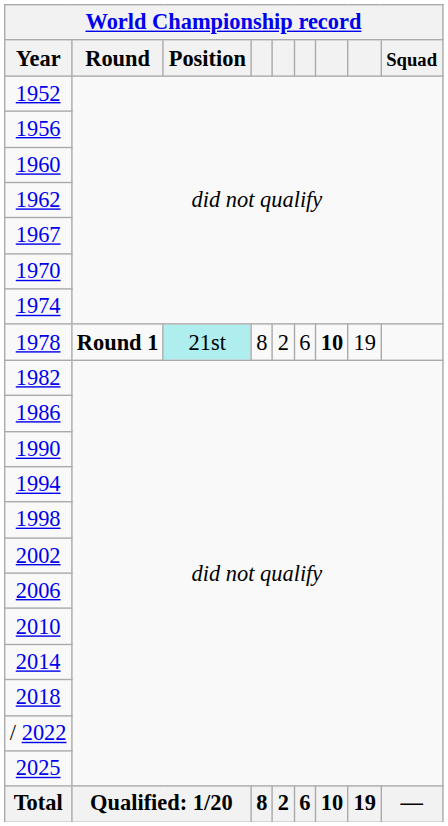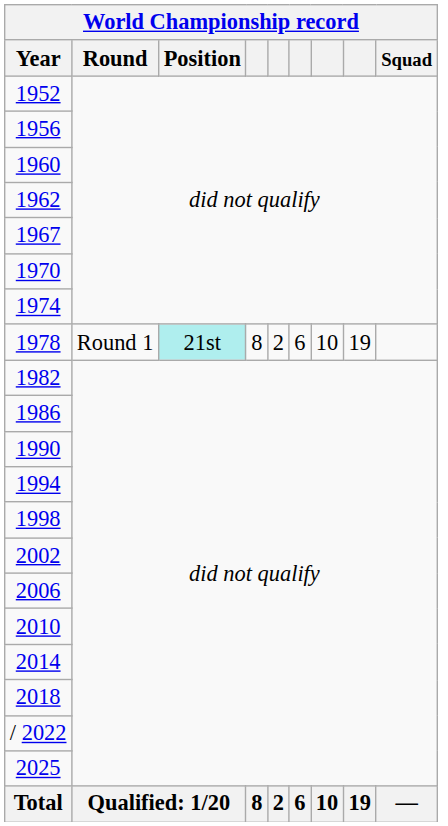 <table class="wikitable" style="text-align: center;">
 <tr>
 <th colspan=9><a href='#'>World Championship record</a></th>
 </tr>
 <tr>
 <th>Year</th>
 <th>Round</th>
 <th>Position</th>
 <th></th>
 <th></th>
 <th></th>
 <th></th>
 <th></th>
 <th><small>Squad</small></th>
 </tr>
 <tr>
 <td> <a href='#'>1952</a></td>
 <td colspan=8 rowspan=7 align=center><em>did not qualify</em></td>
 </tr>
 <tr>
 <td> <a href='#'>1956</a></td>
 </tr>
 <tr>
 <td> <a href='#'>1960</a></td>
 </tr>
 <tr>
 <td> <a href='#'>1962</a></td>
 </tr>
 <tr>
 <td> <a href='#'>1967</a></td>
 </tr>
 <tr>
 <td> <a href='#'>1970</a></td>
 </tr>
 <tr>
 <td> <a href='#'>1974</a></td>
 </tr>
 <tr>
 <td> <a href='#'>1978</a></td>
-<td><strong>Round 1</strong></td>
+<td>Round 1</td>
 <td style="background: paleturquoise;">21st</td>
 <td>8</td>
 <td>2</td>
 <td>6</td>
-<td><strong>10</strong></td>
+<td>10</td>
 <td>19</td>
 <td></td>
 </tr>
 <tr>
 <td> <a href='#'>1982</a></td>
 <td colspan=10 rowspan=12><em>did not qualify</em></td>
 </tr>
 <tr>
 <td> <a href='#'>1986</a></td>
 </tr>
 <tr>
 <td> <a href='#'>1990</a></td>
 </tr>
 <tr>
 <td> <a href='#'>1994</a></td>
 </tr>
 <tr>
 <td> <a href='#'>1998</a></td>
 </tr>
 <tr>
 <td> <a href='#'>2002</a></td>
 </tr>
 <tr>
 <td> <a href='#'>2006</a></td>
 </tr>
 <tr>
 <td> <a href='#'>2010</a></td>
 </tr>
 <tr>
 <td> <a href='#'>2014</a></td>
 </tr>
 <tr>
 <td> <a href='#'>2018</a></td>
 </tr>
 <tr>
 <td>/ <a href='#'>2022</a></td>
 </tr>
 <tr>
 <td> <a href='#'>2025</a></td>
 </tr>
 <tr>
 <th>Total</th>
 <th colspan="2">Qualified: 1/20</th>
 <th>8</th>
 <th>2</th>
 <th>6</th>
 <th>10</th>
 <th>19</th>
 <th>—</th>
 </tr>
 </table>
